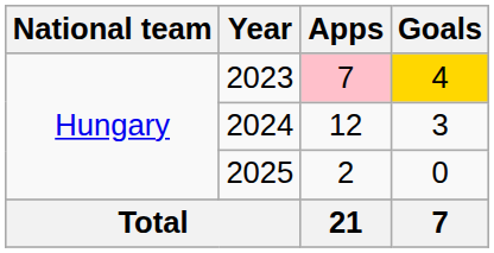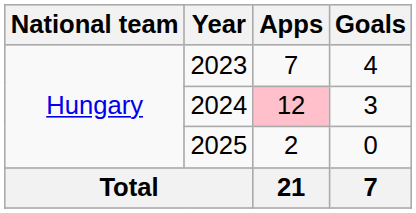 <table class="wikitable" style="text-align:center">
 <tr>
 <th>National team</th>
 <th>Year</th>
 <th>Apps</th>
 <th>Goals</th>
 </tr>
 <tr>
 <td rowspan="3"><a href='#'>Hungary</a></td>
 <td>2023</td>
-<td style="background: pink;">7</td>
-<td style="background: gold;">4</td>
+<td>7</td>
+<td>4</td>
 </tr>
 <tr>
 <td>2024</td>
-<td>12</td>
+<td style="background: pink;">12</td>
 <td>3</td>
 </tr>
 <tr>
 <td>2025</td>
 <td>2</td>
 <td>0</td>
 </tr>
 <tr>
 <th colspan="2">Total</th>
 <th>21</th>
 <th>7</th>
 </tr>
 </table>
